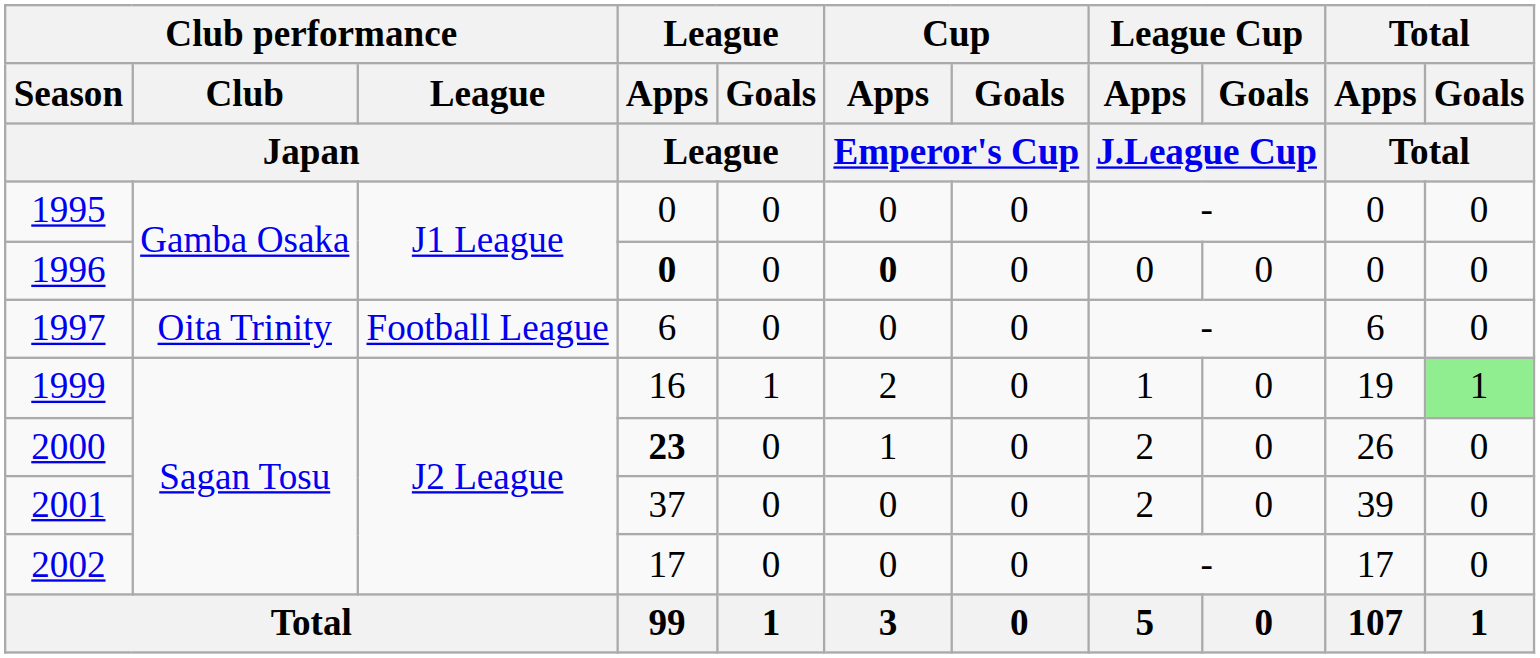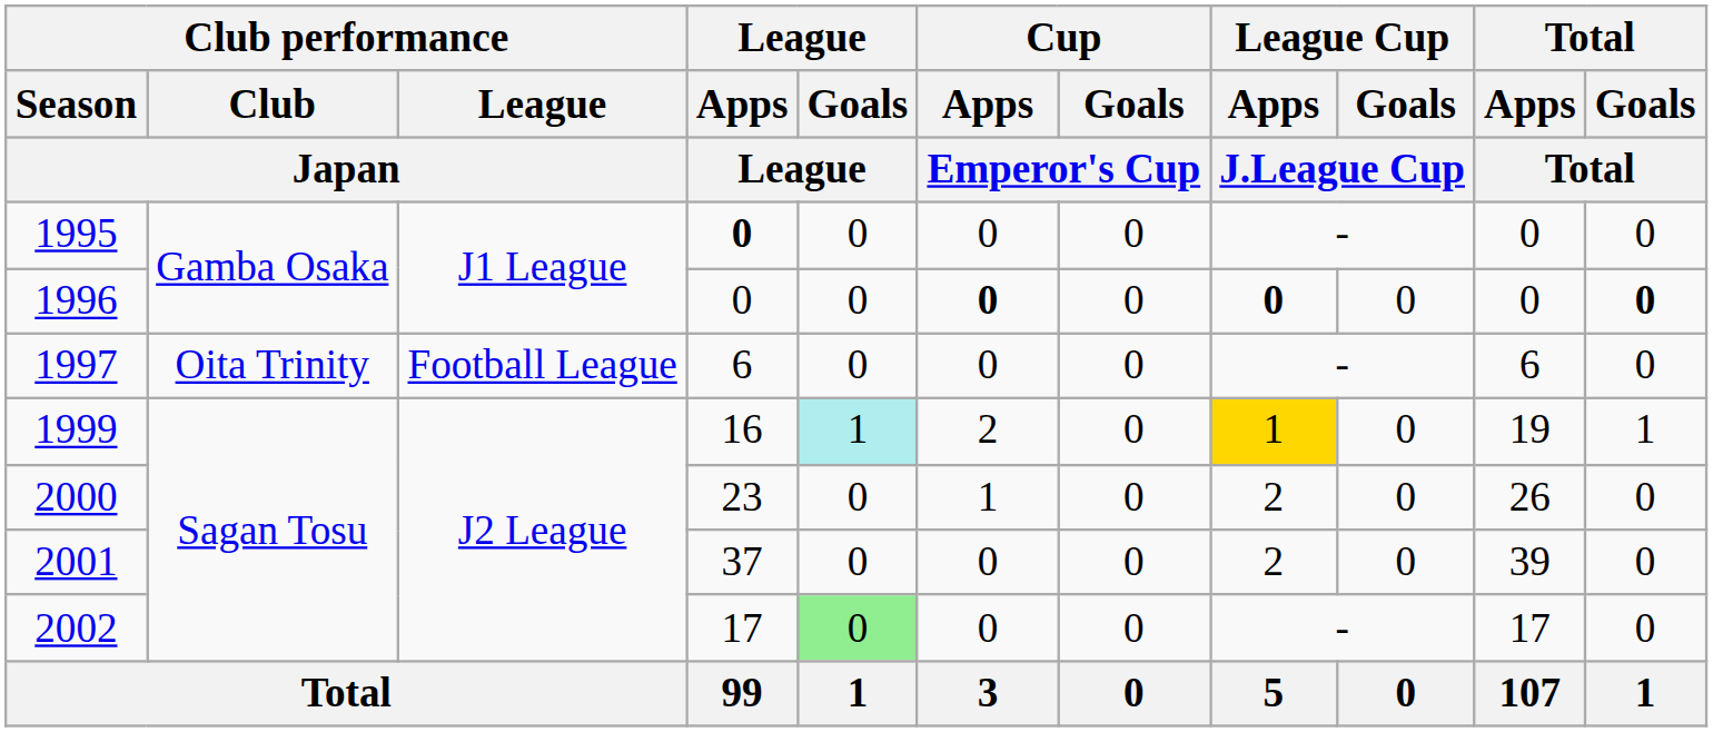 <table class="wikitable" style="text-align:center;">
 <tr>
 <th colspan=3>Club performance</th>
 <th colspan=2>League</th>
 <th colspan=2>Cup</th>
 <th colspan=2>League Cup</th>
 <th colspan=2>Total</th>
 </tr>
 <tr>
 <th>Season</th>
 <th>Club</th>
 <th>League</th>
 <th>Apps</th>
 <th>Goals</th>
 <th>Apps</th>
 <th>Goals</th>
 <th>Apps</th>
 <th>Goals</th>
 <th>Apps</th>
 <th>Goals</th>
 </tr>
 <tr>
 <th colspan=3>Japan</th>
 <th colspan=2>League</th>
 <th colspan=2><a href='#'>Emperor's Cup</a></th>
 <th colspan=2><a href='#'>J.League Cup</a></th>
 <th colspan=2>Total</th>
 </tr>
 <tr>
 <td><a href='#'>1995</a></td>
 <td rowspan="2"><a href='#'>Gamba Osaka</a></td>
 <td rowspan="2"><a href='#'>J1 League</a></td>
-<td>0</td>
+<td><strong>0</strong></td>
 <td>0</td>
 <td>0</td>
 <td>0</td>
 <td colspan="2">-</td>
 <td>0</td>
 <td>0</td>
 </tr>
 <tr>
 <td><a href='#'>1996</a></td>
+<td>0</td>
+<td>0</td>
 <td><strong>0</strong></td>
 <td>0</td>
 <td><strong>0</strong></td>
 <td>0</td>
 <td>0</td>
-<td>0</td>
-<td>0</td>
-<td>0</td>
+<td><strong>0</strong></td>
 </tr>
 <tr>
 <td><a href='#'>1997</a></td>
 <td><a href='#'>Oita Trinity</a></td>
 <td><a href='#'>Football League</a></td>
 <td>6</td>
 <td>0</td>
 <td>0</td>
 <td>0</td>
 <td colspan="2">-</td>
 <td>6</td>
 <td>0</td>
 </tr>
 <tr>
 <td><a href='#'>1999</a></td>
 <td rowspan="4"><a href='#'>Sagan Tosu</a></td>
 <td rowspan="4"><a href='#'>J2 League</a></td>
 <td>16</td>
-<td>1</td>
+<td style="background: paleturquoise;">1</td>
 <td>2</td>
 <td>0</td>
-<td>1</td>
+<td style="background: gold;">1</td>
 <td>0</td>
 <td>19</td>
-<td style="background: lightgreen;">1</td>
+<td>1</td>
 </tr>
 <tr>
 <td><a href='#'>2000</a></td>
-<td><strong>23</strong></td>
+<td>23</td>
 <td>0</td>
 <td>1</td>
 <td>0</td>
 <td>2</td>
 <td>0</td>
 <td>26</td>
 <td>0</td>
 </tr>
 <tr>
 <td><a href='#'>2001</a></td>
 <td>37</td>
 <td>0</td>
 <td>0</td>
 <td>0</td>
 <td>2</td>
 <td>0</td>
 <td>39</td>
 <td>0</td>
 </tr>
 <tr>
 <td><a href='#'>2002</a></td>
 <td>17</td>
-<td>0</td>
+<td style="background: lightgreen;">0</td>
 <td>0</td>
 <td>0</td>
 <td colspan="2">-</td>
 <td>17</td>
 <td>0</td>
 </tr>
 <tr>
 <th colspan=3>Total</th>
 <th>99</th>
 <th>1</th>
 <th>3</th>
 <th>0</th>
 <th>5</th>
 <th>0</th>
 <th>107</th>
 <th>1</th>
 </tr>
 </table>
